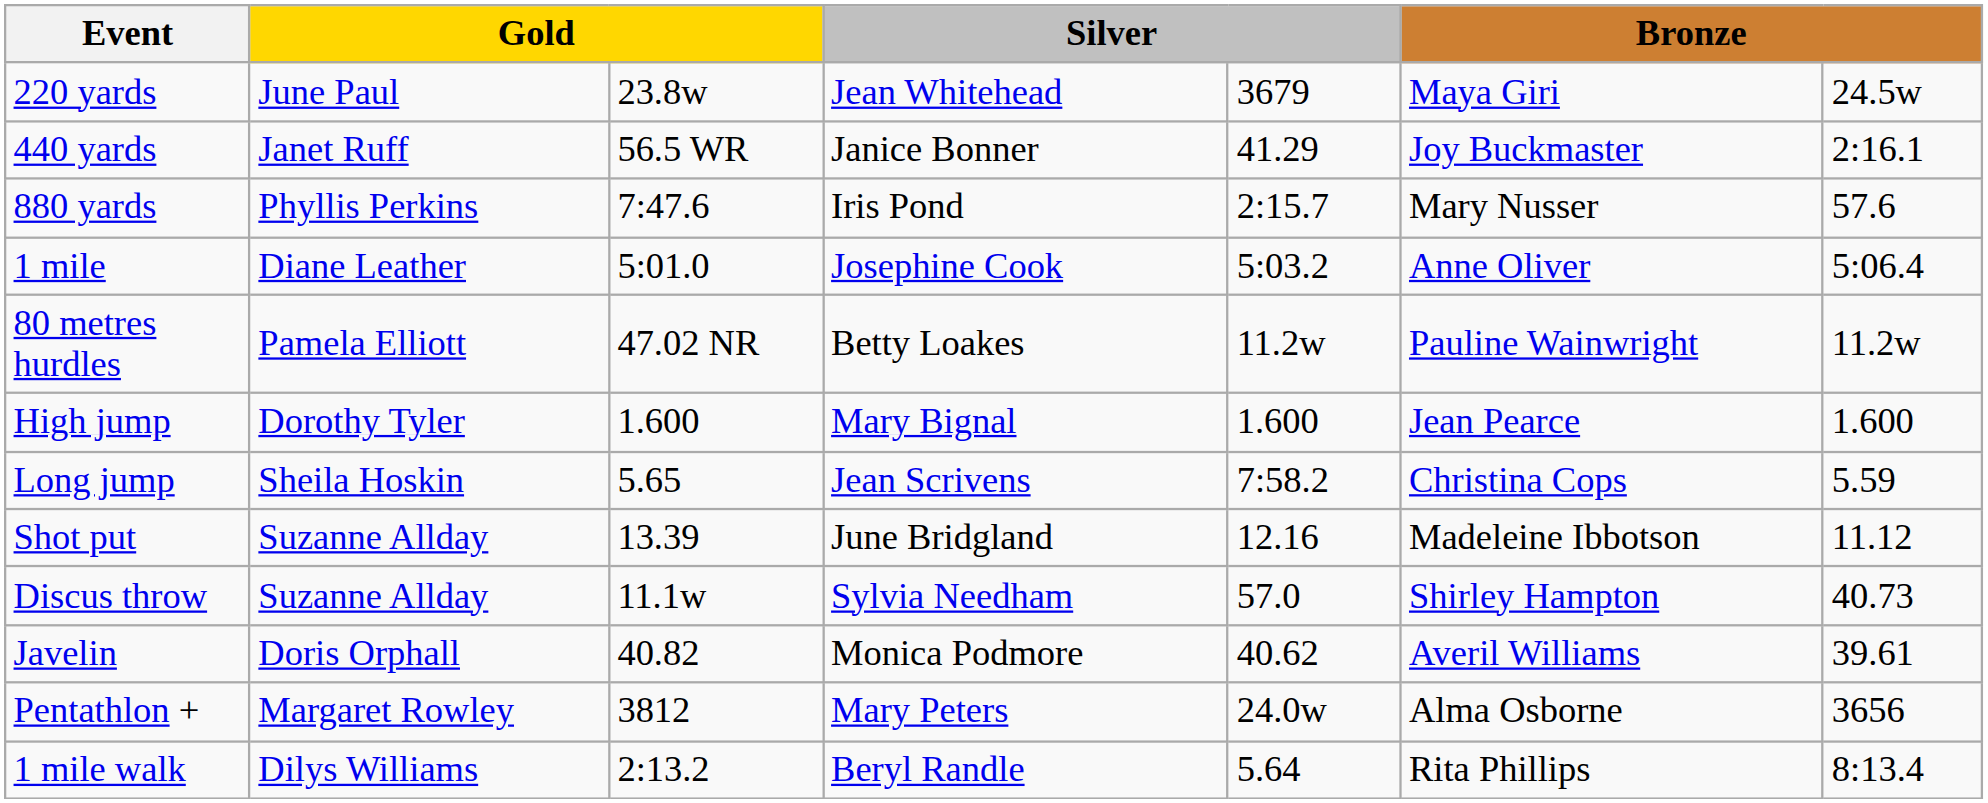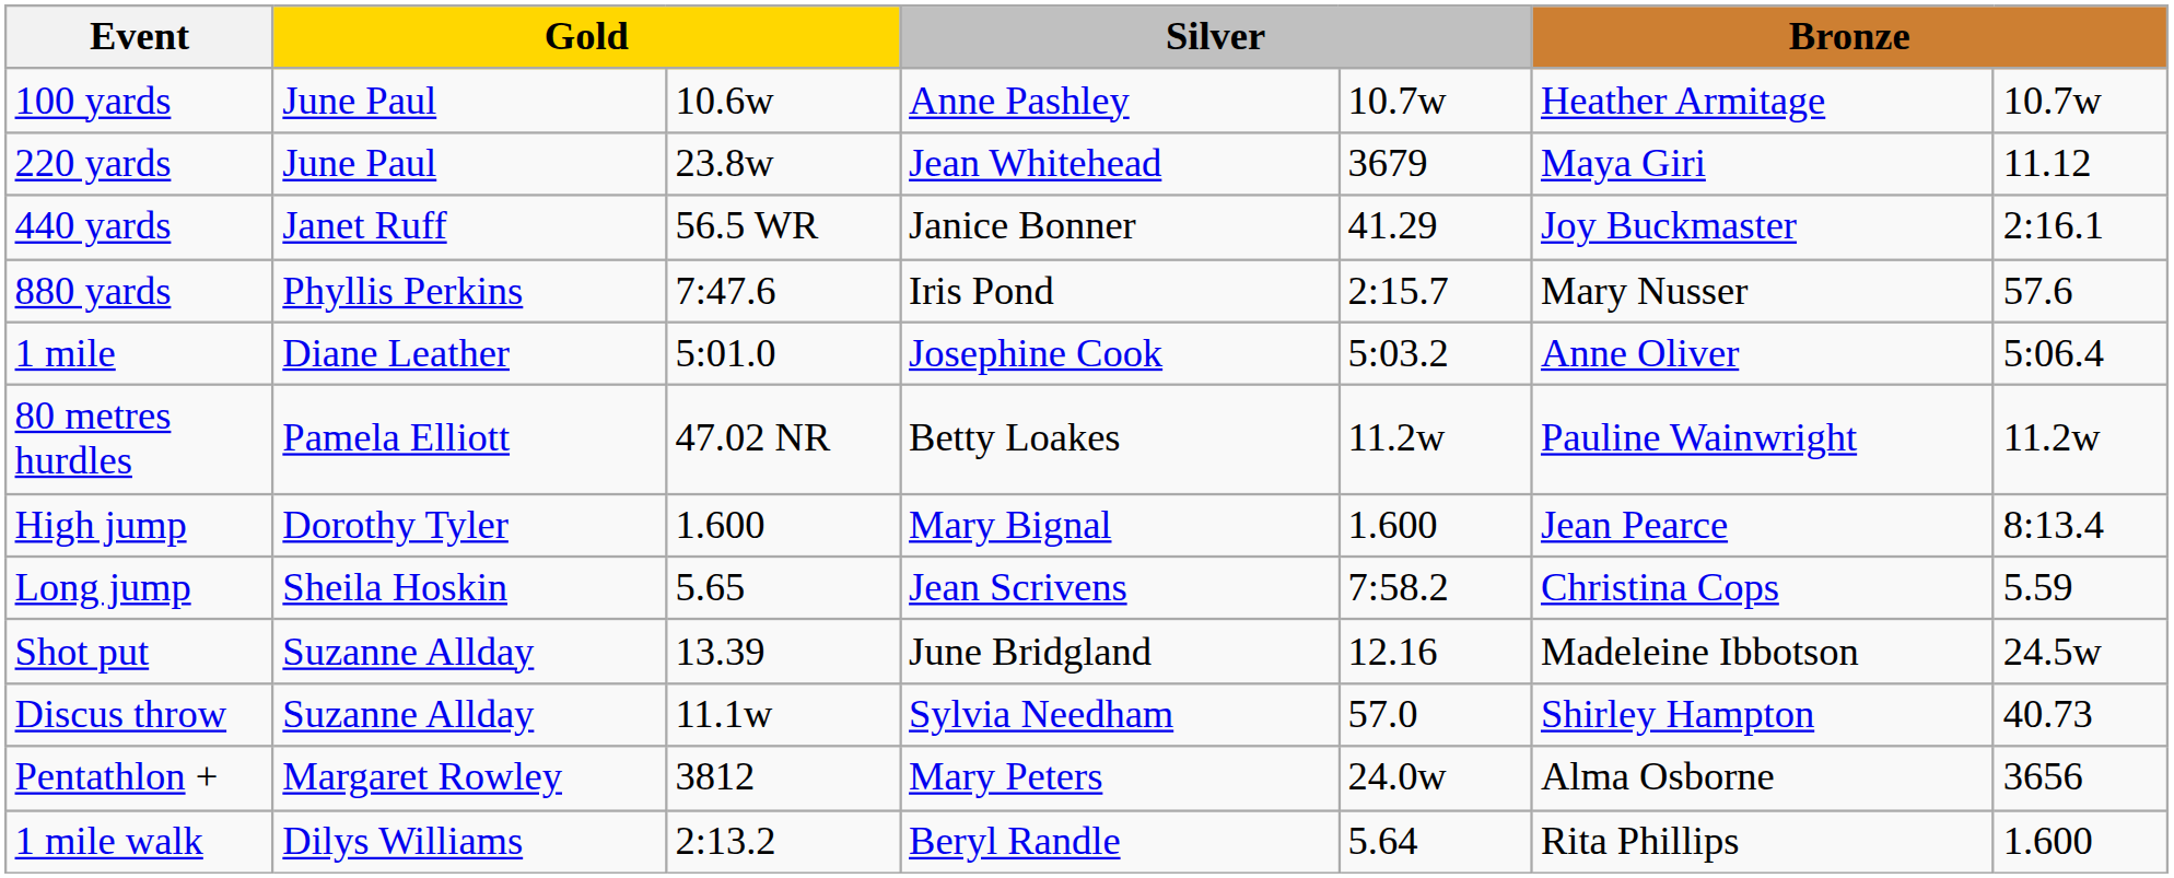 <table class="wikitable" style="text-align:left">
 <tr>
 <th width=100>Event</th>
 <th colspan="2" width="280" style="background:gold;">Gold</th>
 <th colspan="2" width="280" style="background:silver;">Silver</th>
 <th colspan="2" width="280" style="background:#CD7F32;">Bronze</th>
 </tr>
 <tr>
+<td><a href='#'>100 yards</a></td>
+<td><a href='#'>June Paul</a></td>
+<td>10.6w</td>
+<td><a href='#'>Anne Pashley</a></td>
+<td>10.7w</td>
+<td><a href='#'>Heather Armitage</a></td>
+<td>10.7w</td>
+</tr>
+<tr>
 <td><a href='#'>220 yards</a></td>
 <td><a href='#'>June Paul</a></td>
 <td>23.8w</td>
 <td><a href='#'>Jean Whitehead</a></td>
 <td>3679</td>
 <td><a href='#'>Maya Giri</a></td>
-<td>24.5w</td>
+<td>11.12</td>
 </tr>
 <tr>
 <td><a href='#'>440 yards</a></td>
 <td><a href='#'>Janet Ruff</a></td>
 <td>56.5 WR</td>
 <td>Janice Bonner</td>
 <td>41.29</td>
 <td><a href='#'>Joy Buckmaster</a></td>
 <td>2:16.1</td>
 </tr>
 <tr>
 <td><a href='#'>880 yards</a></td>
 <td><a href='#'>Phyllis Perkins</a></td>
 <td>7:47.6</td>
 <td>Iris Pond</td>
 <td>2:15.7</td>
 <td>Mary Nusser</td>
 <td>57.6</td>
 </tr>
 <tr>
 <td><a href='#'>1 mile</a></td>
 <td><a href='#'>Diane Leather</a></td>
 <td>5:01.0</td>
 <td><a href='#'>Josephine Cook</a></td>
 <td>5:03.2</td>
 <td><a href='#'>Anne Oliver</a></td>
 <td>5:06.4</td>
 </tr>
 <tr>
 <td><a href='#'>80 metres hurdles</a></td>
 <td><a href='#'>Pamela Elliott</a></td>
 <td>47.02 NR</td>
 <td>Betty Loakes</td>
 <td>11.2w</td>
 <td><a href='#'>Pauline Wainwright</a></td>
 <td>11.2w</td>
 </tr>
 <tr>
 <td><a href='#'>High jump</a></td>
 <td><a href='#'>Dorothy Tyler</a></td>
 <td>1.600</td>
 <td><a href='#'>Mary Bignal</a></td>
 <td>1.600</td>
 <td><a href='#'>Jean Pearce</a></td>
-<td>1.600</td>
+<td>8:13.4</td>
 </tr>
 <tr>
 <td><a href='#'>Long jump</a></td>
 <td><a href='#'>Sheila Hoskin</a></td>
 <td>5.65</td>
 <td><a href='#'>Jean Scrivens</a></td>
 <td>7:58.2</td>
 <td><a href='#'>Christina Cops</a></td>
 <td>5.59</td>
 </tr>
 <tr>
 <td><a href='#'>Shot put</a></td>
 <td><a href='#'>Suzanne Allday</a></td>
 <td>13.39</td>
 <td>June Bridgland</td>
 <td>12.16</td>
 <td>Madeleine Ibbotson</td>
-<td>11.12</td>
+<td>24.5w</td>
 </tr>
 <tr>
 <td><a href='#'>Discus throw</a></td>
 <td><a href='#'>Suzanne Allday</a></td>
 <td>11.1w</td>
 <td><a href='#'>Sylvia Needham</a></td>
 <td>57.0</td>
 <td><a href='#'>Shirley Hampton</a></td>
 <td>40.73</td>
-</tr>
-<tr>
-<td><a href='#'>Javelin</a></td>
-<td> <a href='#'>Doris Orphall</a></td>
-<td>40.82</td>
-<td>Monica Podmore</td>
-<td>40.62</td>
-<td><a href='#'>Averil Williams</a></td>
-<td>39.61</td>
 </tr>
 <tr>
 <td><a href='#'>Pentathlon</a> +</td>
 <td><a href='#'>Margaret Rowley</a></td>
 <td>3812</td>
 <td> <a href='#'>Mary Peters</a></td>
 <td>24.0w</td>
 <td>Alma Osborne</td>
 <td>3656</td>
 </tr>
 <tr>
 <td><a href='#'>1 mile walk</a></td>
 <td><a href='#'>Dilys Williams</a></td>
 <td>2:13.2</td>
 <td><a href='#'>Beryl Randle</a></td>
 <td>5.64</td>
 <td>Rita Phillips</td>
-<td>8:13.4</td>
+<td>1.600</td>
 </tr>
 </table>
